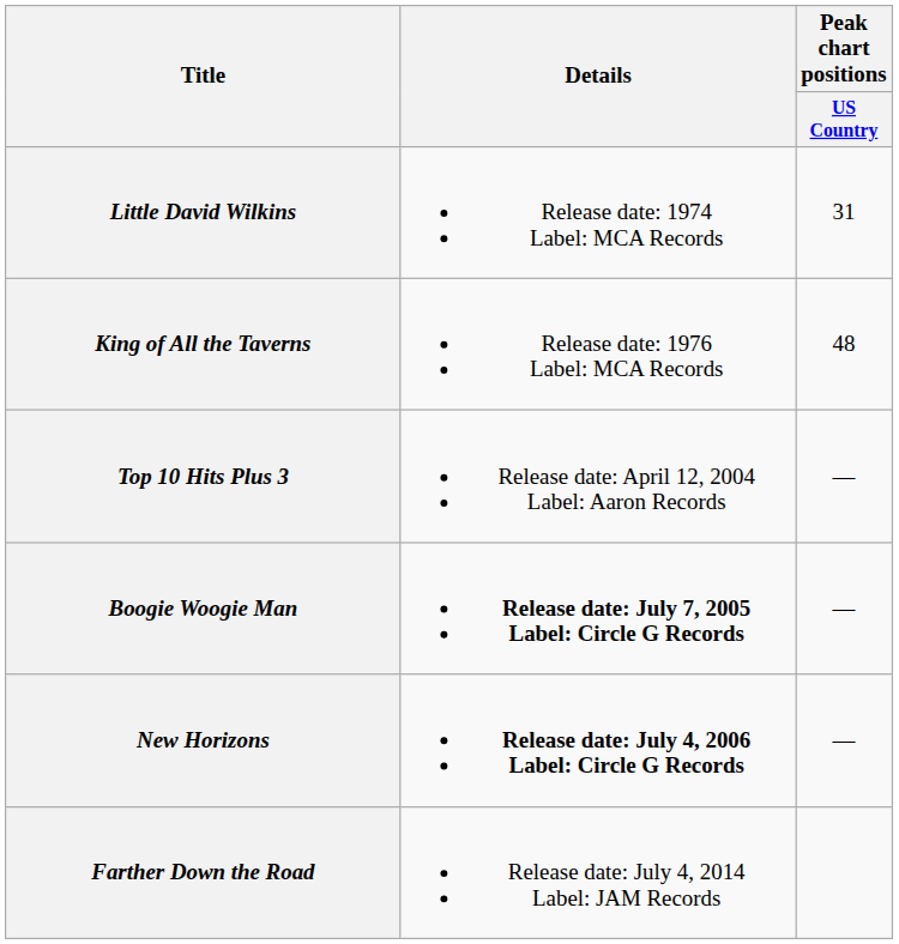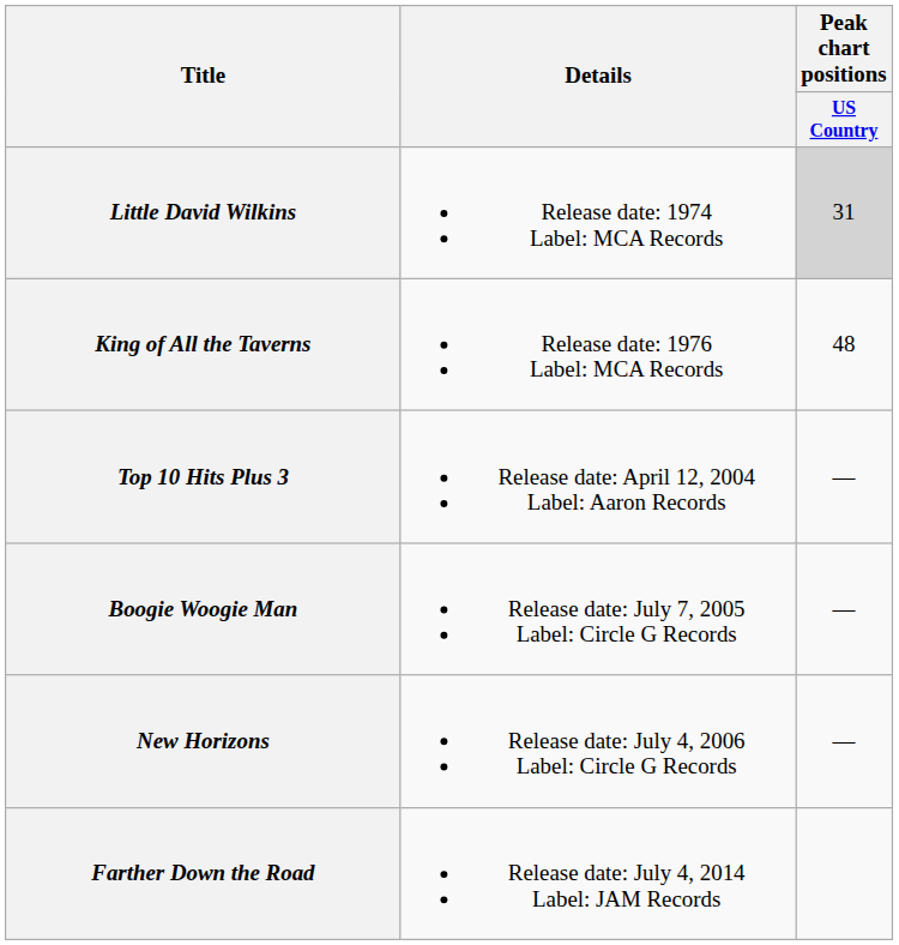 <table class="wikitable plainrowheaders" style="text-align:center;">
 <tr>
 <th rowspan="2" style="width:17em;">Title</th>
 <th rowspan="2" style="width:17em;">Details</th>
 <th colspan="1">Peak chart positions</th>
 </tr>
 <tr style="font-size:smaller;">
 <th width="40"><a href='#'>US Country</a></th>
 </tr>
 <tr>
 <th scope="row"><em>Little David Wilkins</em></th>
 <td><br><ul><li>Release date: 1974</li><li>Label: MCA Records</li></ul></td>
-<td>31</td>
+<td style="background: lightgrey;">31</td>
 </tr>
 <tr>
 <th scope="row"><em>King of All the Taverns</em></th>
 <td><br><ul><li>Release date: 1976</li><li>Label: MCA Records</li></ul></td>
 <td>48</td>
 </tr>
 <tr>
 <th scope="row"><em>Top 10 Hits Plus 3</em></th>
 <td><br><ul><li>Release date: April 12, 2004</li><li>Label: Aaron Records</li></ul></td>
 <td>—</td>
 </tr>
 <tr>
 <th scope="row"><em>Boogie Woogie Man</em></th>
-<td><strong><br><ul><li>Release date: July 7, 2005</li><li>Label: Circle G Records</li></ul></strong></td>
+<td><br><ul><li>Release date: July 7, 2005</li><li>Label: Circle G Records</li></ul></td>
 <td>—</td>
 </tr>
 <tr>
 <th scope="row"><em>New Horizons</em></th>
-<td><strong><br><ul><li>Release date: July 4, 2006</li><li>Label: Circle G Records</li></ul></strong></td>
+<td><br><ul><li>Release date: July 4, 2006</li><li>Label: Circle G Records</li></ul></td>
 <td>—</td>
 </tr>
 <tr>
 <th scope="row"><em>Farther Down the Road</em></th>
 <td><br><ul><li>Release date: July 4, 2014</li><li>Label: JAM Records</li></ul></td>
 </tr>
 </table>
